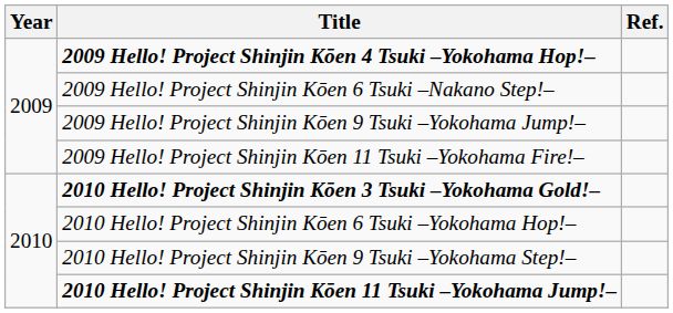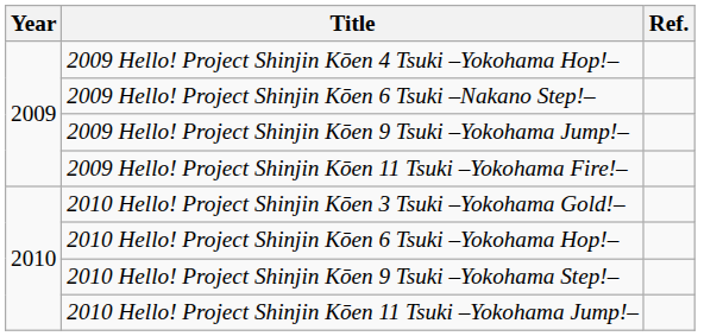 <table class="wikitable">
 <tr>
 <th>Year</th>
 <th>Title</th>
 <th>Ref.</th>
 </tr>
 <tr>
 <td rowspan="4">2009</td>
-<td><strong><em>2009 Hello! Project Shinjin Kōen 4 Tsuki –Yokohama Hop!–</em></strong></td>
+<td><em>2009 Hello! Project Shinjin Kōen 4 Tsuki –Yokohama Hop!–</em></td>
 <td></td>
 </tr>
 <tr>
 <td><em>2009 Hello! Project Shinjin Kōen 6 Tsuki –Nakano Step!–</em></td>
 <td></td>
 </tr>
 <tr>
 <td><em>2009 Hello! Project Shinjin Kōen 9 Tsuki –Yokohama Jump!–</em></td>
 <td></td>
 </tr>
 <tr>
 <td><em>2009 Hello! Project Shinjin Kōen 11 Tsuki –Yokohama Fire!–</em></td>
 <td></td>
 </tr>
 <tr>
 <td rowspan="4">2010</td>
-<td><strong><em>2010 Hello! Project Shinjin Kōen 3 Tsuki –Yokohama Gold!–</em></strong></td>
+<td><em>2010 Hello! Project Shinjin Kōen 3 Tsuki –Yokohama Gold!–</em></td>
 <td></td>
 </tr>
 <tr>
 <td><em>2010 Hello! Project Shinjin Kōen 6 Tsuki –Yokohama Hop!–</em></td>
 <td></td>
 </tr>
 <tr>
 <td><em>2010 Hello! Project Shinjin Kōen 9 Tsuki –Yokohama Step!–</em></td>
 <td></td>
 </tr>
 <tr>
-<td><strong><em>2010 Hello! Project Shinjin Kōen 11 Tsuki –Yokohama Jump!–</em></strong></td>
+<td><em>2010 Hello! Project Shinjin Kōen 11 Tsuki –Yokohama Jump!–</em></td>
 <td></td>
 </tr>
 </table>
